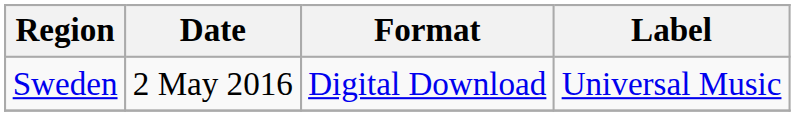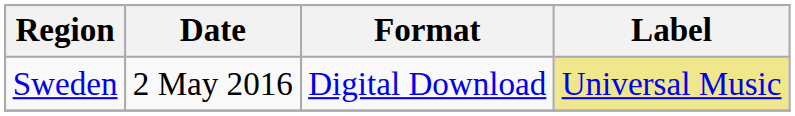 <table class=wikitable>
 <tr>
 <th>Region</th>
 <th>Date</th>
 <th>Format</th>
 <th>Label</th>
 </tr>
 <tr>
 <td><a href='#'>Sweden</a></td>
 <td>2 May 2016</td>
 <td><a href='#'>Digital Download</a></td>
-<td><a href='#'>Universal Music</a></td>
+<td style="background: khaki;"><a href='#'>Universal Music</a></td>
 </tr>
 <tr>
 </tr>
 </table>
